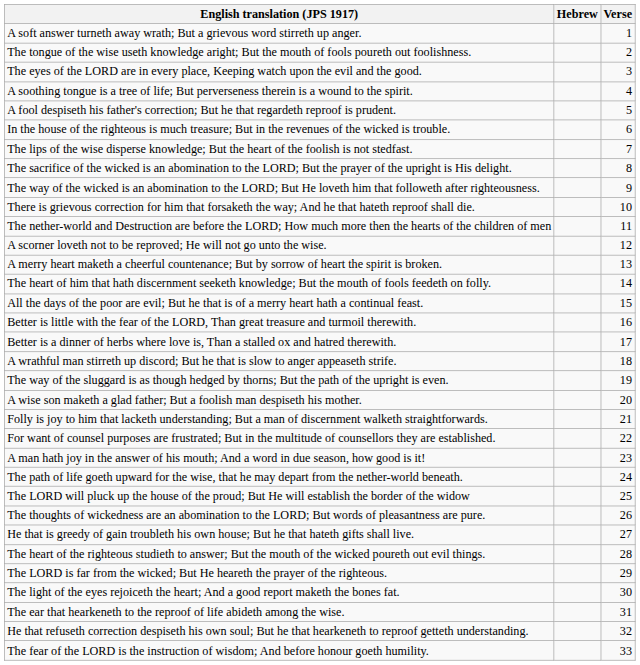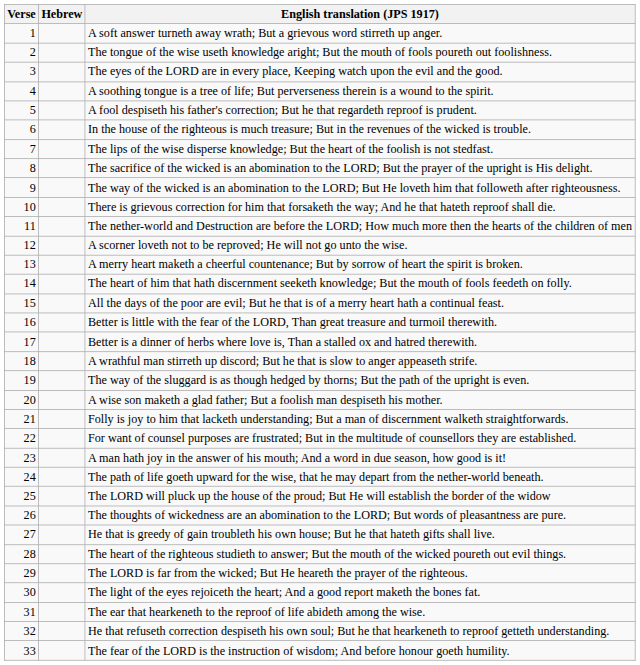 <table class="wikitable">
 <tr>
+<th>Verse</th>
+<th>Hebrew</th>
 <th>English translation (JPS 1917)</th>
-<th>Hebrew</th>
-<th>Verse</th>
 </tr>
 <tr>
+<td style="text-align:right">1</td>
+<td style="text-align:right"></td>
 <td>A soft answer turneth away wrath; But a grievous word stirreth up anger.</td>
-<td style="text-align:right"></td>
-<td style="text-align:right">1</td>
 </tr>
 <tr>
+<td style="text-align:right">2</td>
+<td style="text-align:right"></td>
 <td>The tongue of the wise useth knowledge aright; But the mouth of fools poureth out foolishness.</td>
-<td style="text-align:right"></td>
-<td style="text-align:right">2</td>
 </tr>
 <tr>
+<td style="text-align:right">3</td>
+<td style="text-align:right"></td>
 <td>The eyes of the LORD are in every place, Keeping watch upon the evil and the good.</td>
-<td style="text-align:right"></td>
-<td style="text-align:right">3</td>
 </tr>
 <tr>
+<td style="text-align:right">4</td>
+<td style="text-align:right"></td>
 <td>A soothing tongue is a tree of life; But perverseness therein is a wound to the spirit.</td>
-<td style="text-align:right"></td>
-<td style="text-align:right">4</td>
 </tr>
 <tr>
+<td style="text-align:right">5</td>
+<td style="text-align:right"></td>
 <td>A fool despiseth his father's correction; But he that regardeth reproof is prudent.</td>
-<td style="text-align:right"></td>
-<td style="text-align:right">5</td>
 </tr>
 <tr>
+<td style="text-align:right">6</td>
+<td style="text-align:right"></td>
 <td>In the house of the righteous is much treasure; But in the revenues of the wicked is trouble.</td>
-<td style="text-align:right"></td>
-<td style="text-align:right">6</td>
 </tr>
 <tr>
+<td style="text-align:right">7</td>
+<td style="text-align:right"></td>
 <td>The lips of the wise disperse knowledge; But the heart of the foolish is not stedfast.</td>
-<td style="text-align:right"></td>
-<td style="text-align:right">7</td>
 </tr>
 <tr>
+<td style="text-align:right">8</td>
+<td style="text-align:right"></td>
 <td>The sacrifice of the wicked is an abomination to the LORD; But the prayer of the upright is His delight.</td>
-<td style="text-align:right"></td>
-<td style="text-align:right">8</td>
 </tr>
 <tr>
+<td style="text-align:right">9</td>
+<td style="text-align:right"></td>
 <td>The way of the wicked is an abomination to the LORD; But He loveth him that followeth after righteousness.</td>
-<td style="text-align:right"></td>
-<td style="text-align:right">9</td>
 </tr>
 <tr>
+<td style="text-align:right">10</td>
+<td style="text-align:right"></td>
 <td>There is grievous correction for him that forsaketh the way; And he that hateth reproof shall die.</td>
-<td style="text-align:right"></td>
-<td style="text-align:right">10</td>
 </tr>
 <tr>
+<td style="text-align:right">11</td>
+<td style="text-align:right"></td>
 <td>The nether-world and Destruction are before the LORD; How much more then the hearts of the children of men</td>
-<td style="text-align:right"></td>
-<td style="text-align:right">11</td>
 </tr>
 <tr>
+<td style="text-align:right">12</td>
+<td style="text-align:right"></td>
 <td>A scorner loveth not to be reproved; He will not go unto the wise.</td>
-<td style="text-align:right"></td>
-<td style="text-align:right">12</td>
 </tr>
 <tr>
+<td style="text-align:right">13</td>
+<td style="text-align:right"></td>
 <td>A merry heart maketh a cheerful countenance; But by sorrow of heart the spirit is broken.</td>
-<td style="text-align:right"></td>
-<td style="text-align:right">13</td>
 </tr>
 <tr>
+<td style="text-align:right">14</td>
+<td style="text-align:right"></td>
 <td>The heart of him that hath discernment seeketh knowledge; But the mouth of fools feedeth on folly.</td>
-<td style="text-align:right"></td>
-<td style="text-align:right">14</td>
 </tr>
 <tr>
+<td style="text-align:right">15</td>
+<td style="text-align:right"></td>
 <td>All the days of the poor are evil; But he that is of a merry heart hath a continual feast.</td>
-<td style="text-align:right"></td>
-<td style="text-align:right">15</td>
 </tr>
 <tr>
+<td style="text-align:right">16</td>
+<td style="text-align:right"></td>
 <td>Better is little with the fear of the LORD, Than great treasure and turmoil therewith.</td>
-<td style="text-align:right"></td>
-<td style="text-align:right">16</td>
 </tr>
 <tr>
+<td style="text-align:right">17</td>
+<td style="text-align:right"></td>
 <td>Better is a dinner of herbs where love is, Than a stalled ox and hatred therewith.</td>
-<td style="text-align:right"></td>
-<td style="text-align:right">17</td>
 </tr>
 <tr>
+<td style="text-align:right">18</td>
+<td style="text-align:right"></td>
 <td>A wrathful man stirreth up discord; But he that is slow to anger appeaseth strife.</td>
-<td style="text-align:right"></td>
-<td style="text-align:right">18</td>
 </tr>
 <tr>
+<td style="text-align:right">19</td>
+<td style="text-align:right"></td>
 <td>The way of the sluggard is as though hedged by thorns; But the path of the upright is even.</td>
-<td style="text-align:right"></td>
-<td style="text-align:right">19</td>
 </tr>
 <tr>
+<td style="text-align:right">20</td>
+<td style="text-align:right"></td>
 <td>A wise son maketh a glad father; But a foolish man despiseth his mother.</td>
-<td style="text-align:right"></td>
-<td style="text-align:right">20</td>
 </tr>
 <tr>
+<td style="text-align:right">21</td>
+<td style="text-align:right"></td>
 <td>Folly is joy to him that lacketh understanding; But a man of discernment walketh straightforwards.</td>
-<td style="text-align:right"></td>
-<td style="text-align:right">21</td>
 </tr>
 <tr>
+<td style="text-align:right">22</td>
+<td style="text-align:right"></td>
 <td>For want of counsel purposes are frustrated; But in the multitude of counsellors they are established.</td>
-<td style="text-align:right"></td>
-<td style="text-align:right">22</td>
 </tr>
 <tr>
+<td style="text-align:right">23</td>
+<td style="text-align:right"></td>
 <td>A man hath joy in the answer of his mouth; And a word in due season, how good is it!</td>
-<td style="text-align:right"></td>
-<td style="text-align:right">23</td>
 </tr>
 <tr>
+<td style="text-align:right">24</td>
+<td style="text-align:right"></td>
 <td>The path of life goeth upward for the wise, that he may depart from the nether-world beneath.</td>
-<td style="text-align:right"></td>
-<td style="text-align:right">24</td>
 </tr>
 <tr>
+<td style="text-align:right">25</td>
+<td style="text-align:right"></td>
 <td>The LORD will pluck up the house of the proud; But He will establish the border of the widow</td>
-<td style="text-align:right"></td>
-<td style="text-align:right">25</td>
 </tr>
 <tr>
+<td style="text-align:right">26</td>
+<td style="text-align:right"></td>
 <td>The thoughts of wickedness are an abomination to the LORD; But words of pleasantness are pure.</td>
-<td style="text-align:right"></td>
-<td style="text-align:right">26</td>
 </tr>
 <tr>
+<td style="text-align:right">27</td>
+<td style="text-align:right"></td>
 <td>He that is greedy of gain troubleth his own house; But he that hateth gifts shall live.</td>
-<td style="text-align:right"></td>
-<td style="text-align:right">27</td>
 </tr>
 <tr>
+<td style="text-align:right">28</td>
+<td style="text-align:right"></td>
 <td>The heart of the righteous studieth to answer; But the mouth of the wicked poureth out evil things.</td>
-<td style="text-align:right"></td>
-<td style="text-align:right">28</td>
 </tr>
 <tr>
+<td style="text-align:right">29</td>
+<td style="text-align:right"></td>
 <td>The LORD is far from the wicked; But He heareth the prayer of the righteous.</td>
-<td style="text-align:right"></td>
-<td style="text-align:right">29</td>
 </tr>
 <tr>
+<td style="text-align:right">30</td>
+<td style="text-align:right"></td>
 <td>The light of the eyes rejoiceth the heart; And a good report maketh the bones fat.</td>
-<td style="text-align:right"></td>
-<td style="text-align:right">30</td>
 </tr>
 <tr>
+<td style="text-align:right">31</td>
+<td style="text-align:right"></td>
 <td>The ear that hearkeneth to the reproof of life abideth among the wise.</td>
-<td style="text-align:right"></td>
-<td style="text-align:right">31</td>
 </tr>
 <tr>
+<td style="text-align:right">32</td>
+<td style="text-align:right"></td>
 <td>He that refuseth correction despiseth his own soul; But he that hearkeneth to reproof getteth understanding.</td>
-<td style="text-align:right"></td>
-<td style="text-align:right">32</td>
 </tr>
 <tr>
+<td style="text-align:right">33</td>
+<td style="text-align:right"></td>
 <td>The fear of the LORD is the instruction of wisdom; And before honour goeth humility.</td>
-<td style="text-align:right"></td>
-<td style="text-align:right">33</td>
 </tr>
 </table>
